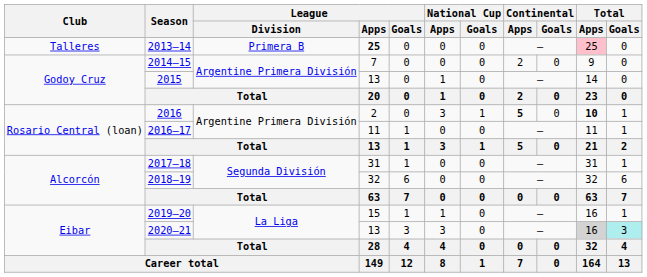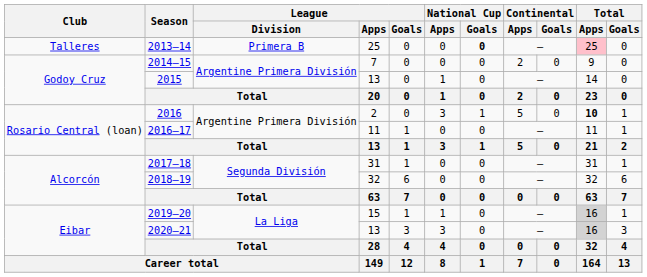 <table class="wikitable" style="text-align:center">
 <tr>
 <th rowspan="2">Club</th>
 <th rowspan="2">Season</th>
 <th colspan="3">League</th>
 <th colspan="2">National Cup</th>
 <th colspan="2">Continental</th>
 <th colspan="2">Total</th>
 </tr>
 <tr>
 <th>Division</th>
 <th>Apps</th>
 <th>Goals</th>
 <th>Apps</th>
 <th>Goals</th>
 <th>Apps</th>
 <th>Goals</th>
 <th>Apps</th>
 <th>Goals</th>
 </tr>
 <tr>
 <td><a href='#'>Talleres</a></td>
 <td><a href='#'>2013–14</a></td>
 <td><a href='#'>Primera B</a></td>
-<td><strong>25</strong></td>
+<td>25</td>
 <td>0</td>
 <td>0</td>
-<td>0</td>
+<td><strong>0</strong></td>
 <td colspan="2">—</td>
 <td style="background: pink;">25</td>
 <td>0</td>
 </tr>
 <tr>
 <td rowspan="3"><a href='#'>Godoy Cruz</a></td>
 <td><a href='#'>2014–15</a></td>
 <td rowspan="2"><a href='#'>Argentine Primera División</a></td>
 <td>7</td>
 <td>0</td>
 <td>0</td>
 <td>0</td>
 <td>2</td>
 <td>0</td>
 <td>9</td>
 <td>0</td>
 </tr>
 <tr>
 <td><a href='#'>2015</a></td>
 <td>13</td>
 <td>0</td>
 <td>1</td>
 <td>0</td>
 <td colspan="2">—</td>
 <td>14</td>
 <td>0</td>
 </tr>
 <tr>
 <th colspan="2">Total</th>
 <th>20</th>
 <th>0</th>
 <th>1</th>
 <th>0</th>
 <th>2</th>
 <th>0</th>
 <th>23</th>
 <th>0</th>
 </tr>
 <tr>
 <td rowspan="3"><a href='#'>Rosario Central</a> (loan)</td>
 <td><a href='#'>2016</a></td>
 <td rowspan="2">Argentine Primera División</td>
 <td>2</td>
 <td>0</td>
 <td>3</td>
 <td>1</td>
-<td><strong>5</strong></td>
+<td>5</td>
 <td>0</td>
 <td><strong>10</strong></td>
 <td>1</td>
 </tr>
 <tr>
 <td><a href='#'>2016–17</a></td>
 <td>11</td>
 <td>1</td>
 <td>0</td>
 <td>0</td>
 <td colspan="2">—</td>
 <td>11</td>
 <td>1</td>
 </tr>
 <tr>
 <th colspan="2">Total</th>
 <th>13</th>
 <th>1</th>
 <th>3</th>
 <th>1</th>
 <th>5</th>
 <th>0</th>
 <th>21</th>
 <th>2</th>
 </tr>
 <tr>
 <td rowspan="3"><a href='#'>Alcorcón</a></td>
 <td><a href='#'>2017–18</a></td>
 <td rowspan="2"><a href='#'>Segunda División</a></td>
 <td>31</td>
 <td>1</td>
 <td>0</td>
 <td>0</td>
 <td colspan="2">—</td>
 <td>31</td>
 <td>1</td>
 </tr>
 <tr>
 <td><a href='#'>2018–19</a></td>
 <td>32</td>
 <td>6</td>
 <td>0</td>
 <td>0</td>
 <td colspan="2">—</td>
 <td>32</td>
 <td>6</td>
 </tr>
 <tr>
 <th colspan="2">Total</th>
 <th>63</th>
 <th>7</th>
 <th>0</th>
 <th>0</th>
 <th>0</th>
 <th>0</th>
 <th>63</th>
 <th>7</th>
 </tr>
 <tr>
 <td rowspan="3"><a href='#'>Eibar</a></td>
 <td><a href='#'>2019–20</a></td>
 <td rowspan="2"><a href='#'>La Liga</a></td>
 <td>15</td>
 <td>1</td>
 <td>1</td>
 <td>0</td>
 <td colspan="2">—</td>
-<td>16</td>
+<td style="background: lightgrey;">16</td>
 <td>1</td>
 </tr>
 <tr>
 <td><a href='#'>2020–21</a></td>
 <td>13</td>
 <td>3</td>
 <td>3</td>
 <td>0</td>
 <td colspan="2">—</td>
 <td style="background: lightgrey;">16</td>
-<td style="background: paleturquoise;">3</td>
+<td>3</td>
 </tr>
 <tr>
 <th colspan="2">Total</th>
 <th>28</th>
 <th>4</th>
 <th>4</th>
 <th>0</th>
 <th>0</th>
 <th>0</th>
 <th>32</th>
 <th>4</th>
 </tr>
 <tr>
 <th colspan="3">Career total</th>
 <th>149</th>
 <th>12</th>
 <th>8</th>
 <th>1</th>
 <th>7</th>
 <th>0</th>
 <th>164</th>
 <th>13</th>
 </tr>
 </table>
